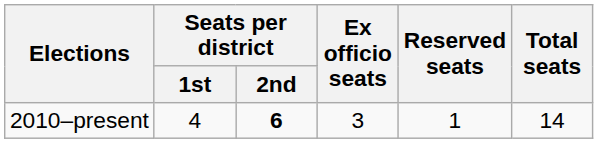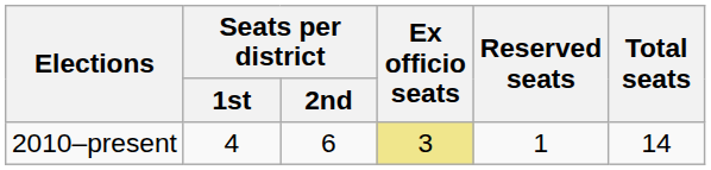 <table class="wikitable">
 <tr>
 <th rowspan="2">Elections</th>
 <th colspan="2">Seats per district</th>
 <th rowspan="2" width="50px">Ex officio seats</th>
 <th rowspan="2" width="50px">Reserved seats</th>
 <th rowspan="2" width="50px">Total seats</th>
 </tr>
 <tr>
 <th width="50px">1st</th>
 <th width="50px">2nd</th>
 </tr>
 <tr align="center">
 <td>2010–present</td>
 <td>4</td>
-<td><strong>6</strong></td>
-<td>3</td>
+<td>6</td>
+<td style="background: khaki;">3</td>
 <td>1</td>
 <td>14</td>
 </tr>
 </table>
